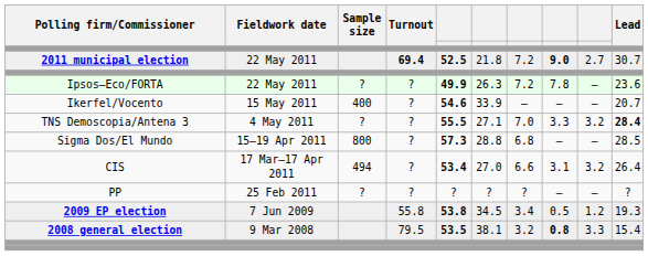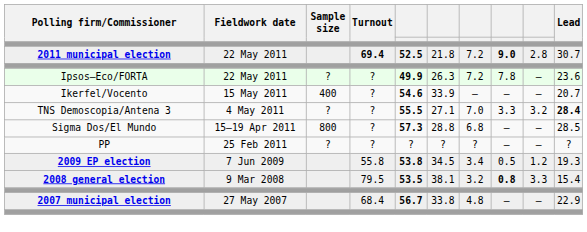 <table class="wikitable collapsible collapsed" style="text-align:center; font-size:95%; line-height:16px;">
 <tr style="height:42px;">
 <th style="width:250px;" rowspan="2">Polling firm/Commissioner</th>
 <th style="width:125px;" rowspan="2">Fieldwork date</th>
 <th style="width:50px;" rowspan="2">Sample size</th>
 <th style="width:45px;" rowspan="2">Turnout</th>
 <th style="width:35px;"></th>
 <th style="width:35px;"></th>
 <th style="width:35px;"></th>
 <th style="width:35px;"></th>
 <th style="width:35px;"></th>
 <th style="width:30px;" rowspan="2">Lead</th>
 </tr>
 <tr>
 <th style="color:inherit;background:"></th>
 <th style="color:inherit;background:"></th>
 <th style="color:inherit;background:"></th>
 <th style="color:inherit;background:"></th>
 <th style="color:inherit;background:"></th>
 </tr>
 <tr>
 <td colspan="10" style="background:#A0A0A0"></td>
 </tr>
 <tr style="background:#EFEFEF;">
 <td><strong><a href='#'>2011 municipal election</a></strong></td>
 <td>22 May 2011</td>
 <td></td>
 <td><strong>69.4</strong></td>
 <td><strong>52.5</strong><br></td>
 <td>21.8<br></td>
 <td>7.2<br></td>
 <td><strong>9.0<br></strong></td>
-<td>2.7<br></td>
+<td>2.8<br></td>
 <td style="background:">30.7</td>
 </tr>
 <tr>
 <td colspan="10" style="background:#A0A0A0"></td>
 </tr>
 <tr style="background:#EAFFEA;">
 <td>Ipsos–Eco/FORTA</td>
 <td>22 May 2011</td>
 <td>?</td>
 <td>?</td>
 <td><strong>49.9</strong><br></td>
 <td>26.3<br></td>
 <td>7.2<br></td>
 <td>7.8<br></td>
 <td>–</td>
 <td style="background:">23.6</td>
 </tr>
 <tr>
 <td>Ikerfel/Vocento</td>
 <td>15 May 2011</td>
 <td>400</td>
 <td>?</td>
 <td><strong>54.6</strong><br></td>
 <td>33.9<br></td>
 <td>–</td>
 <td>–</td>
 <td>–</td>
 <td style="background:">20.7</td>
 </tr>
 <tr>
 <td>TNS Demoscopia/Antena 3</td>
 <td>4 May 2011</td>
 <td>?</td>
 <td>?</td>
 <td><strong>55.5</strong><br></td>
 <td>27.1<br></td>
 <td>7.0<br></td>
 <td>3.3<br></td>
 <td>3.2<br></td>
 <td style="background:"><strong>28.4</strong></td>
 </tr>
 <tr>
 <td>Sigma Dos/El Mundo</td>
 <td>15–19 Apr 2011</td>
 <td>800</td>
 <td>?</td>
 <td><strong>57.3</strong><br></td>
 <td>28.8<br></td>
 <td>6.8<br></td>
 <td>–</td>
 <td>–</td>
 <td style="background:">28.5</td>
 </tr>
 <tr>
-<td>CIS</td>
-<td>17 Mar–17 Apr 2011</td>
-<td>494</td>
-<td>?</td>
-<td><strong>53.4</strong><br></td>
-<td>27.0<br></td>
-<td>6.6<br></td>
-<td>3.1<br></td>
-<td>3.2<br></td>
-<td style="background:">26.4</td>
-</tr>
-<tr>
 <td>PP</td>
 <td>25 Feb 2011</td>
 <td>?</td>
 <td>?</td>
 <td>?<br></td>
 <td>?<br></td>
 <td>?<br></td>
 <td>–</td>
 <td>–</td>
 <td style="background:">?</td>
 </tr>
 <tr style="background:#EFEFEF;">
 <td><strong><a href='#'>2009 EP election</a></strong></td>
 <td>7 Jun 2009</td>
 <td></td>
 <td>55.8</td>
 <td><strong>53.8</strong><br></td>
 <td>34.5<br></td>
 <td>3.4<br></td>
 <td>0.5<br></td>
 <td>1.2<br></td>
 <td style="background:">19.3</td>
 </tr>
 <tr style="background:#EFEFEF;">
 <td><strong><a href='#'>2008 general election</a></strong></td>
 <td>9 Mar 2008</td>
 <td></td>
 <td>79.5</td>
 <td><strong>53.5</strong><br></td>
 <td>38.1<br></td>
 <td>3.2<br></td>
 <td><strong>0.8<br></strong></td>
 <td>3.3<br></td>
 <td style="background:">15.4</td>
 </tr>
 <tr>
 <td colspan="10" style="background:#A0A0A0"></td>
 </tr>
+<tr style="background:#EFEFEF;">
+<td><strong><a href='#'>2007 municipal election</a></strong></td>
+<td>27 May 2007</td>
+<td></td>
+<td>68.4</td>
+<td><strong>56.7</strong><br></td>
+<td>33.8<br></td>
+<td>4.8<br></td>
+<td>–</td>
+<td>–</td>
+<td style="background:">22.9</td>
+</tr>
 <tr>
 <td colspan="10" style="background:#A0A0A0"></td>
 </tr>
 </table>
